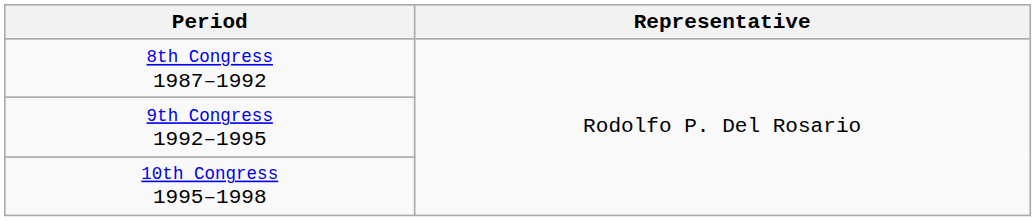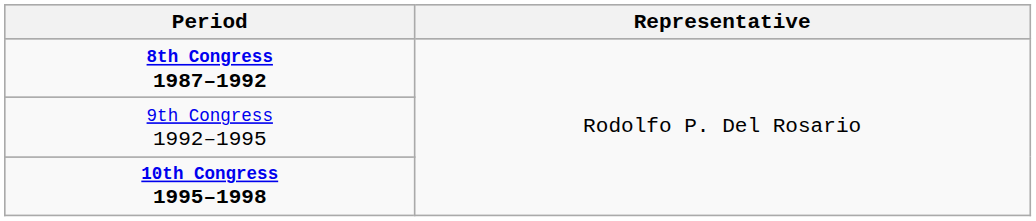 <table class="wikitable" style="text-align:center; width:40%;">
 <tr>
 <th width="40%">Period</th>
 <th>Representative</th>
 </tr>
 <tr>
-<td><small><a href='#'>8th Congress</a></small><br>1987–1992</td>
+<td><strong><small><a href='#'>8th Congress</a></small><br>1987–1992</strong></td>
 <td rowspan="3">Rodolfo P. Del Rosario</td>
 </tr>
 <tr>
 <td><small><a href='#'>9th Congress</a></small><br>1992–1995</td>
 </tr>
 <tr>
-<td><small><a href='#'>10th Congress</a></small><br>1995–1998</td>
+<td><strong><small><a href='#'>10th Congress</a></small><br>1995–1998</strong></td>
 </tr>
 </table>
